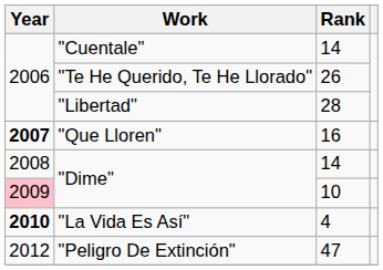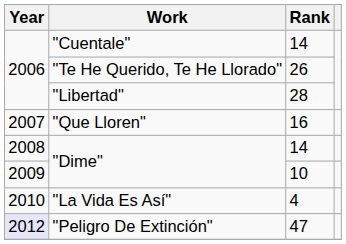 <table class="wikitable plainrowheaders sortable" style="margin-right: 0;">
 <tr>
 <th scope="col">Year</th>
 <th scope="col">Work</th>
 <th scope="col">Rank</th>
 <th scope="col" class="unsortable"></th>
 </tr>
 <tr>
 <td rowspan=3>2006</td>
 <td rowspan=1>"Cuentale"</td>
 <td>14</td>
 <td rowspan=3 style="text-align:center;"></td>
 </tr>
 <tr>
 <td rowspan=1>"Te He Querido, Te He Llorado"</td>
 <td>26</td>
 </tr>
 <tr>
 <td rowspan=1>"Libertad"</td>
 <td>28</td>
 </tr>
 <tr>
-<td rowspan=1><strong>2007</strong></td>
+<td rowspan=1>2007</td>
 <td rowspan=1>"Que Lloren"</td>
 <td>16</td>
 <td style="text-align:center;"></td>
 </tr>
 <tr>
 <td rowspan=1>2008</td>
 <td rowspan=2>"Dime"</td>
 <td>14</td>
 <td style="text-align:center;"></td>
 </tr>
 <tr>
-<td rowspan=1 style="background: pink;">2009</td>
+<td rowspan=1>2009</td>
 <td>10</td>
 <td style="text-align:center;"></td>
 </tr>
 <tr>
-<td rowspan=1><strong>2010</strong></td>
+<td rowspan=1>2010</td>
 <td rowspan=1>"La Vida Es Así"</td>
 <td>4</td>
 <td style="text-align:center;"></td>
 </tr>
 <tr>
-<td rowspan=1>2012</td>
+<td rowspan=1 style="background: lavender;">2012</td>
 <td rowspan=1>"Peligro De Extinción"</td>
 <td>47</td>
 <td style="text-align:center;"></td>
 </tr>
 <tr>
 </tr>
 </table>
